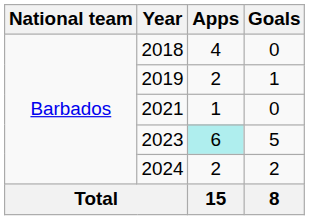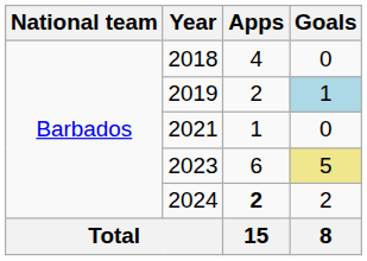 <table class="wikitable" style="text-align:center">
 <tr>
 <th>National team</th>
 <th>Year</th>
 <th>Apps</th>
 <th>Goals</th>
 </tr>
 <tr>
 <td rowspan="5"><a href='#'>Barbados</a></td>
 <td>2018</td>
 <td>4</td>
 <td>0</td>
 </tr>
 <tr>
 <td>2019</td>
 <td>2</td>
-<td>1</td>
+<td style="background: lightblue;">1</td>
 </tr>
 <tr>
 <td>2021</td>
 <td>1</td>
 <td>0</td>
 </tr>
 <tr>
 <td>2023</td>
-<td style="background: paleturquoise;">6</td>
-<td>5</td>
+<td>6</td>
+<td style="background: khaki;">5</td>
 </tr>
 <tr>
 <td>2024</td>
-<td>2</td>
+<td><strong>2</strong></td>
 <td>2</td>
 </tr>
 <tr>
 <th colspan="2">Total</th>
 <th>15</th>
 <th>8</th>
 </tr>
 </table>
